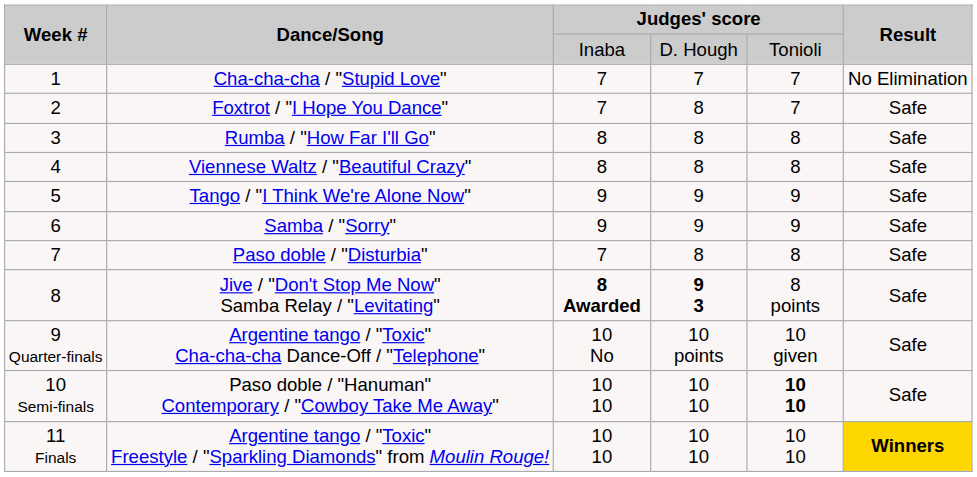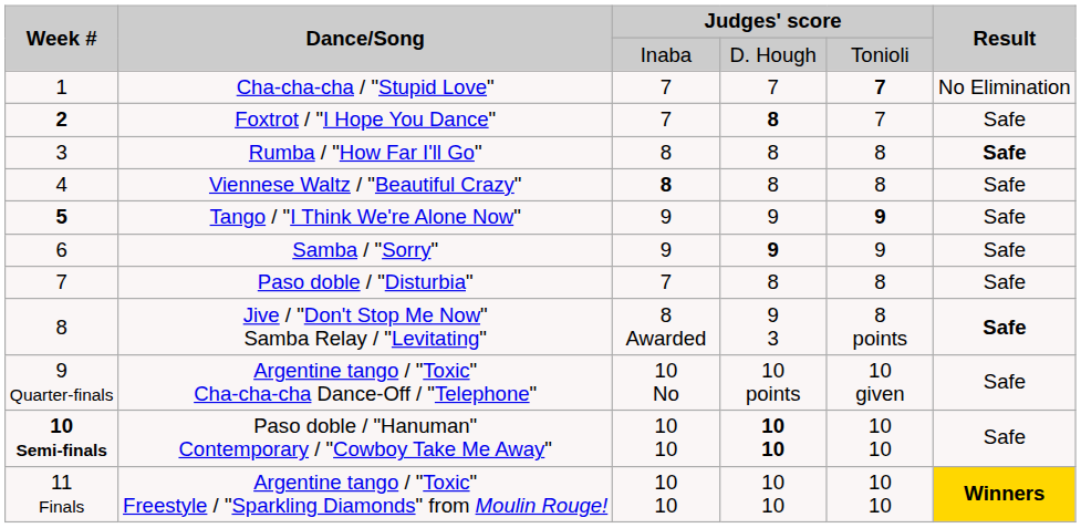 <table class="wikitable" style="float:left;">
 <tr style="text-align:Center; background:#ccc;">
 <td rowspan="2"><strong>Week #</strong></td>
 <td rowspan="2"><strong>Dance/Song</strong></td>
 <td colspan="3"><strong>Judges' score</strong></td>
 <td rowspan="2"><strong>Result</strong></td>
 </tr>
 <tr style="text-align:center; background:#ccc;">
 <td style="width:10%; ">Inaba</td>
 <td style="width:10%; ">D. Hough</td>
 <td style="width:10%; ">Tonioli</td>
 </tr>
 <tr style="text-align:center; background:#faf6f6;">
 <td>1</td>
 <td><a href='#'>Cha-cha-cha</a> / "<a href='#'>Stupid Love</a>"</td>
 <td>7</td>
 <td>7</td>
-<td>7</td>
+<td><strong>7</strong></td>
 <td>No Elimination</td>
 </tr>
 <tr style="text-align:center; background:#faf6f6;">
-<td>2</td>
+<td><strong>2</strong></td>
 <td><a href='#'>Foxtrot</a> / "<a href='#'>I Hope You Dance</a>"</td>
 <td>7</td>
-<td>8</td>
+<td><strong>8</strong></td>
 <td>7</td>
 <td>Safe</td>
 </tr>
 <tr style="text-align:center; background:#faf6f6;">
 <td>3</td>
 <td><a href='#'>Rumba</a> / "<a href='#'>How Far I'll Go</a>"</td>
 <td>8</td>
 <td>8</td>
 <td>8</td>
-<td>Safe</td>
+<td><strong>Safe</strong></td>
 </tr>
 <tr style="text-align:center; background:#faf6f6;">
 <td>4</td>
 <td><a href='#'>Viennese Waltz</a> / "<a href='#'>Beautiful Crazy</a>"</td>
-<td>8</td>
+<td><strong>8</strong></td>
 <td>8</td>
 <td>8</td>
 <td>Safe</td>
 </tr>
 <tr style="text-align:center; background:#faf6f6;">
-<td>5</td>
+<td><strong>5</strong></td>
 <td><a href='#'>Tango</a> / "<a href='#'>I Think We're Alone Now</a>"</td>
 <td>9</td>
 <td>9</td>
-<td>9</td>
+<td><strong>9</strong></td>
 <td>Safe</td>
 </tr>
 <tr style="text-align:center; background:#faf6f6;">
 <td>6</td>
 <td><a href='#'>Samba</a> / "<a href='#'>Sorry</a>"</td>
 <td>9</td>
-<td>9</td>
+<td><strong>9</strong></td>
 <td>9</td>
 <td>Safe</td>
 </tr>
 <tr style="text-align:center; background:#faf6f6;">
 <td>7</td>
 <td><a href='#'>Paso doble</a> / "<a href='#'>Disturbia</a>"</td>
 <td>7</td>
 <td>8</td>
 <td>8</td>
 <td>Safe</td>
 </tr>
 <tr style="text-align:center; background:#faf6f6;">
 <td>8</td>
 <td><a href='#'>Jive</a> / "<a href='#'>Don't Stop Me Now</a>"<br>Samba Relay / "<a href='#'>Levitating</a>"</td>
-<td><strong>8<br>Awarded</strong></td>
-<td><strong>9<br>3</strong></td>
+<td>8<br>Awarded</td>
+<td>9<br>3</td>
 <td>8<br>points</td>
-<td>Safe</td>
+<td><strong>Safe</strong></td>
 </tr>
 <tr style="text-align:center; background:#faf6f6;">
 <td>9<br><small>Quarter-finals</small></td>
 <td><a href='#'>Argentine tango</a> / "<a href='#'>Toxic</a>"<br><a href='#'>Cha-cha-cha</a> Dance-Off / "<a href='#'>Telephone</a>"</td>
 <td>10<br>No</td>
 <td>10<br>points</td>
 <td>10<br>given</td>
 <td>Safe</td>
 </tr>
 <tr style="text-align:center; background:#faf6f6;">
-<td>10<br><small>Semi-finals</small></td>
+<td><strong>10<br><small>Semi-finals</small></strong></td>
 <td>Paso doble / "Hanuman"<br><a href='#'>Contemporary</a> / "<a href='#'>Cowboy Take Me Away</a>"</td>
 <td>10<br>10</td>
+<td><strong>10<br>10</strong></td>
 <td>10<br>10</td>
-<td><strong>10<br>10</strong></td>
 <td>Safe</td>
 </tr>
 <tr style="text-align:center; background:#faf6f6;">
 <td>11<br><small>Finals</small></td>
 <td><a href='#'>Argentine tango</a> / "<a href='#'>Toxic</a>"<br><a href='#'>Freestyle</a> / "<a href='#'>Sparkling Diamonds</a>" from <em><a href='#'>Moulin Rouge!</a></em></td>
 <td>10<br>10</td>
 <td>10<br>10</td>
 <td>10<br>10</td>
 <td style="background:gold;"><strong>Winners</strong></td>
 </tr>
 </table>
